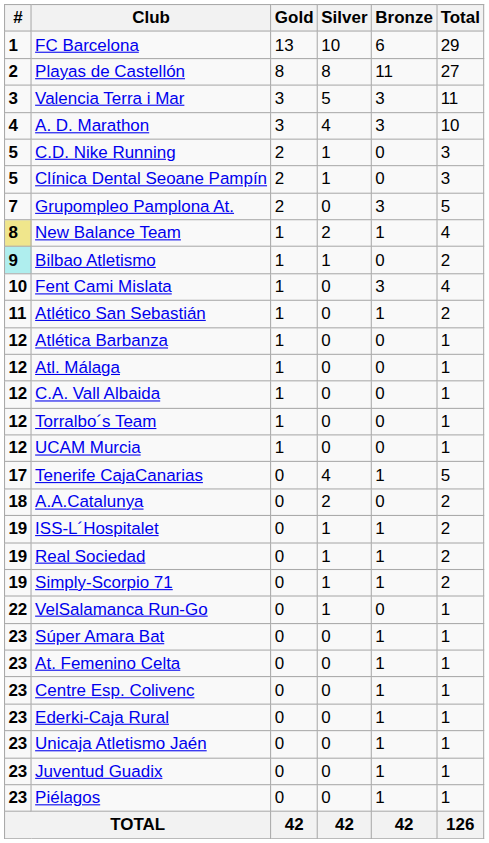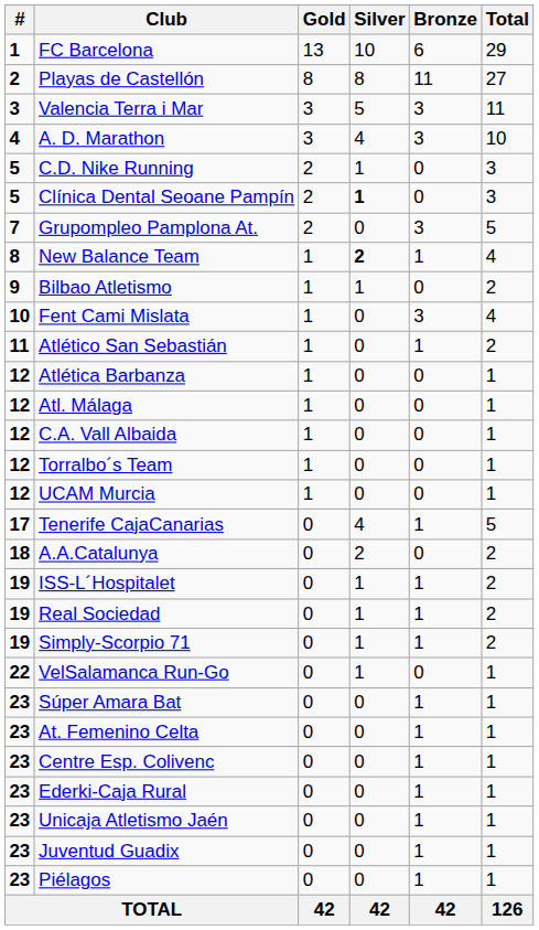 <table class="wikitable">
 <tr>
 <th>#</th>
 <th>Club</th>
 <th>Gold</th>
 <th>Silver</th>
 <th>Bronze</th>
 <th>Total</th>
 </tr>
 <tr>
 <td><strong>1</strong></td>
 <td><a href='#'>FC Barcelona</a></td>
 <td>13</td>
 <td>10</td>
 <td>6</td>
 <td>29</td>
 </tr>
 <tr>
 <td><strong>2</strong></td>
 <td><a href='#'>Playas de Castellón</a></td>
 <td>8</td>
 <td>8</td>
 <td>11</td>
 <td>27</td>
 </tr>
 <tr>
 <td><strong>3</strong></td>
 <td><a href='#'>Valencia Terra i Mar</a></td>
 <td>3</td>
 <td>5</td>
 <td>3</td>
 <td>11</td>
 </tr>
 <tr>
 <td><strong>4</strong></td>
 <td><a href='#'>A. D. Marathon</a></td>
 <td>3</td>
 <td>4</td>
 <td>3</td>
 <td>10</td>
 </tr>
 <tr>
 <td><strong>5</strong></td>
 <td><a href='#'>C.D. Nike Running</a></td>
 <td>2</td>
 <td>1</td>
 <td>0</td>
 <td>3</td>
 </tr>
 <tr>
 <td><strong>5</strong></td>
 <td><a href='#'>Clínica Dental Seoane Pampín</a></td>
 <td>2</td>
-<td>1</td>
+<td><strong>1</strong></td>
 <td>0</td>
 <td>3</td>
 </tr>
 <tr>
 <td><strong>7</strong></td>
 <td><a href='#'>Grupompleo Pamplona At.</a></td>
 <td>2</td>
 <td>0</td>
 <td>3</td>
 <td>5</td>
 </tr>
 <tr>
-<td style="background: khaki;"><strong>8</strong></td>
+<td><strong>8</strong></td>
 <td><a href='#'>New Balance Team</a></td>
 <td>1</td>
-<td>2</td>
+<td><strong>2</strong></td>
 <td>1</td>
 <td>4</td>
 </tr>
 <tr>
-<td style="background: paleturquoise;"><strong>9</strong></td>
+<td><strong>9</strong></td>
 <td><a href='#'>Bilbao Atletismo</a></td>
 <td>1</td>
 <td>1</td>
 <td>0</td>
 <td>2</td>
 </tr>
 <tr>
 <td><strong>10</strong></td>
 <td><a href='#'>Fent Cami Mislata</a></td>
 <td>1</td>
 <td>0</td>
 <td>3</td>
 <td>4</td>
 </tr>
 <tr>
 <td><strong>11</strong></td>
 <td><a href='#'>Atlético San Sebastián</a></td>
 <td>1</td>
 <td>0</td>
 <td>1</td>
 <td>2</td>
 </tr>
 <tr>
 <td><strong>12</strong></td>
 <td><a href='#'>Atlética Barbanza</a></td>
 <td>1</td>
 <td>0</td>
 <td>0</td>
 <td>1</td>
 </tr>
 <tr>
 <td><strong>12</strong></td>
 <td><a href='#'>Atl. Málaga</a></td>
 <td>1</td>
 <td>0</td>
 <td>0</td>
 <td>1</td>
 </tr>
 <tr>
 <td><strong>12</strong></td>
 <td><a href='#'>C.A. Vall Albaida</a></td>
 <td>1</td>
 <td>0</td>
 <td>0</td>
 <td>1</td>
 </tr>
 <tr>
 <td><strong>12</strong></td>
 <td><a href='#'>Torralbo´s Team</a></td>
 <td>1</td>
 <td>0</td>
 <td>0</td>
 <td>1</td>
 </tr>
 <tr>
 <td><strong>12</strong></td>
 <td><a href='#'>UCAM Murcia</a></td>
 <td>1</td>
 <td>0</td>
 <td>0</td>
 <td>1</td>
 </tr>
 <tr>
 <td><strong>17</strong></td>
 <td><a href='#'>Tenerife CajaCanarias</a></td>
 <td>0</td>
 <td>4</td>
 <td>1</td>
 <td>5</td>
 </tr>
 <tr>
 <td><strong>18</strong></td>
 <td><a href='#'>A.A.Catalunya</a></td>
 <td>0</td>
 <td>2</td>
 <td>0</td>
 <td>2</td>
 </tr>
 <tr>
 <td><strong>19</strong></td>
 <td><a href='#'>ISS-L´Hospitalet</a></td>
 <td>0</td>
 <td>1</td>
 <td>1</td>
 <td>2</td>
 </tr>
 <tr>
 <td><strong>19</strong></td>
 <td><a href='#'>Real Sociedad</a></td>
 <td>0</td>
 <td>1</td>
 <td>1</td>
 <td>2</td>
 </tr>
 <tr>
 <td><strong>19</strong></td>
 <td><a href='#'>Simply-Scorpio 71</a></td>
 <td>0</td>
 <td>1</td>
 <td>1</td>
 <td>2</td>
 </tr>
 <tr>
 <td><strong>22</strong></td>
 <td><a href='#'>VelSalamanca Run-Go</a></td>
 <td>0</td>
 <td>1</td>
 <td>0</td>
 <td>1</td>
 </tr>
 <tr>
 <td><strong>23</strong></td>
 <td><a href='#'>Súper Amara Bat</a></td>
 <td>0</td>
 <td>0</td>
 <td>1</td>
 <td>1</td>
 </tr>
 <tr>
 <td><strong>23</strong></td>
 <td><a href='#'>At. Femenino Celta</a></td>
 <td>0</td>
 <td>0</td>
 <td>1</td>
 <td>1</td>
 </tr>
 <tr>
 <td><strong>23</strong></td>
 <td><a href='#'>Centre Esp. Colivenc</a></td>
 <td>0</td>
 <td>0</td>
 <td>1</td>
 <td>1</td>
 </tr>
 <tr>
 <td><strong>23</strong></td>
 <td><a href='#'>Ederki-Caja Rural</a></td>
 <td>0</td>
 <td>0</td>
 <td>1</td>
 <td>1</td>
 </tr>
 <tr>
 <td><strong>23</strong></td>
 <td><a href='#'>Unicaja Atletismo Jaén</a></td>
 <td>0</td>
 <td>0</td>
 <td>1</td>
 <td>1</td>
 </tr>
 <tr>
 <td><strong>23</strong></td>
 <td><a href='#'>Juventud Guadix</a></td>
 <td>0</td>
 <td>0</td>
 <td>1</td>
 <td>1</td>
 </tr>
 <tr>
 <td><strong>23</strong></td>
 <td><a href='#'>Piélagos</a></td>
 <td>0</td>
 <td>0</td>
 <td>1</td>
 <td>1</td>
 </tr>
 <tr>
 <th colspan=2>TOTAL</th>
 <th><strong>42</strong></th>
 <th><strong>42</strong></th>
 <th><strong>42</strong></th>
 <th><strong>126</strong></th>
 </tr>
 </table>
